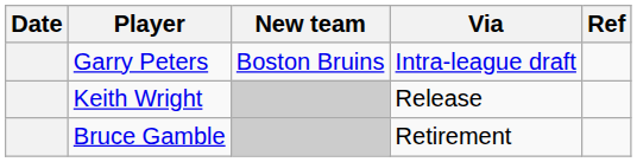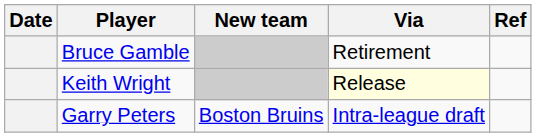 <table class="wikitable plainrowheaders">
 <tr style="background:#ddd; text-align:center;">
 <th>Date</th>
 <th>Player</th>
 <th>New team</th>
 <th>Via</th>
 <th>Ref</th>
 </tr>
 <tr>
 <th scope="row"></th>
-<td><a href='#'>Garry Peters</a></td>
-<td><a href='#'>Boston Bruins</a></td>
-<td><a href='#'>Intra-league draft</a></td>
+<td><a href='#'>Bruce Gamble</a></td>
+<td style="background:#ccc"></td>
+<td>Retirement</td>
 <td></td>
 </tr>
 <tr>
 <th scope="row"></th>
 <td><a href='#'>Keith Wright</a></td>
 <td style="background:#ccc"></td>
-<td>Release</td>
+<td style="background: lightyellow;">Release</td>
 <td></td>
 </tr>
 <tr>
 <th scope="row"></th>
-<td><a href='#'>Bruce Gamble</a></td>
-<td style="background:#ccc"></td>
-<td>Retirement</td>
+<td><a href='#'>Garry Peters</a></td>
+<td><a href='#'>Boston Bruins</a></td>
+<td><a href='#'>Intra-league draft</a></td>
 <td></td>
 </tr>
 </table>
